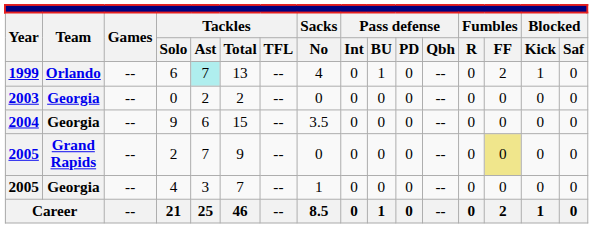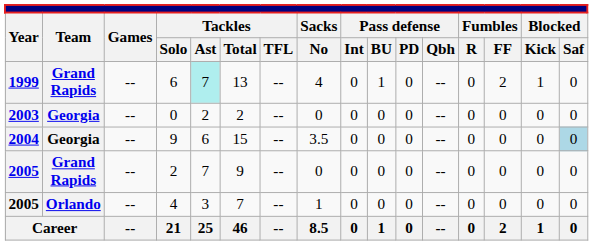 <table class= "wikitable" float="left" border="1" style="text-align:center; width:45%;">
 <tr>
 <td ! colspan="22" style="background: #000080; border: 2px solid #E62020; color: #FFFFFF;"></td>
 </tr>
 <tr>
 <th rowspan=2>Year</th>
 <th rowspan=2>Team</th>
 <th rowspan=2>Games</th>
 <th colspan=4>Tackles</th>
 <th>Sacks</th>
 <th colspan=4>Pass defense</th>
 <th colspan=2>Fumbles</th>
 <th colspan=2>Blocked</th>
 </tr>
 <tr>
 <th>Solo</th>
 <th>Ast</th>
 <th>Total</th>
 <th>TFL</th>
 <th>No</th>
 <th>Int</th>
 <th>BU</th>
 <th>PD</th>
 <th>Qbh</th>
 <th>R</th>
 <th>FF</th>
 <th>Kick</th>
 <th>Saf</th>
 </tr>
 <tr>
 <th><a href='#'>1999</a></th>
-<th><a href='#'>Orlando</a></th>
+<th><a href='#'>Grand Rapids</a></th>
 <td>--</td>
 <td>6</td>
 <td style="background: paleturquoise;">7</td>
 <td>13</td>
 <td>--</td>
 <td>4</td>
 <td>0</td>
 <td>1</td>
 <td>0</td>
 <td>--</td>
 <td>0</td>
 <td>2</td>
 <td>1</td>
 <td>0</td>
 </tr>
 <tr>
 <th><a href='#'>2003</a></th>
 <th><a href='#'>Georgia</a></th>
 <td>--</td>
 <td>0</td>
 <td>2</td>
 <td>2</td>
 <td>--</td>
 <td>0</td>
 <td>0</td>
 <td>0</td>
 <td>0</td>
 <td>--</td>
 <td>0</td>
 <td>0</td>
 <td>0</td>
 <td>0</td>
 </tr>
 <tr>
 <th><a href='#'>2004</a></th>
 <th>Georgia</th>
 <td>--</td>
 <td>9</td>
 <td>6</td>
 <td>15</td>
 <td>--</td>
 <td>3.5</td>
 <td>0</td>
 <td>0</td>
 <td>0</td>
 <td>--</td>
 <td>0</td>
 <td>0</td>
 <td>0</td>
-<td>0</td>
+<td style="background: lightblue;">0</td>
 </tr>
 <tr>
 <th><a href='#'>2005</a></th>
 <th><a href='#'>Grand Rapids</a></th>
 <td>--</td>
 <td>2</td>
 <td>7</td>
 <td>9</td>
 <td>--</td>
 <td>0</td>
 <td>0</td>
 <td>0</td>
 <td>0</td>
 <td>--</td>
 <td>0</td>
-<td style="background: khaki;">0</td>
+<td>0</td>
 <td>0</td>
 <td>0</td>
 </tr>
 <tr>
 <th>2005</th>
-<th>Georgia</th>
+<th><a href='#'>Orlando</a></th>
 <td>--</td>
 <td>4</td>
 <td>3</td>
 <td>7</td>
 <td>--</td>
 <td>1</td>
 <td>0</td>
 <td>0</td>
 <td>0</td>
 <td>--</td>
 <td>0</td>
 <td>0</td>
 <td>0</td>
 <td>0</td>
 </tr>
 <tr>
 <th colspan="2">Career</th>
 <th>--</th>
 <th>21</th>
 <th>25</th>
 <th>46</th>
 <th>--</th>
 <th>8.5</th>
 <th>0</th>
 <th>1</th>
 <th>0</th>
 <th>--</th>
 <th>0</th>
 <th>2</th>
 <th>1</th>
 <th>0</th>
 </tr>
 </table>
